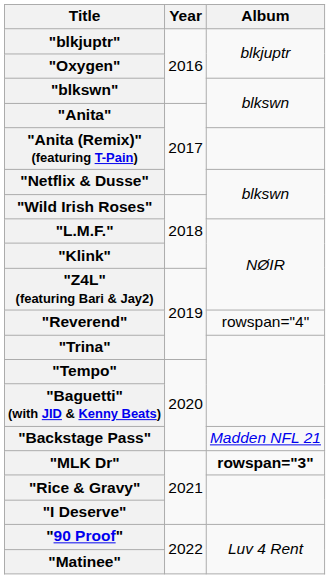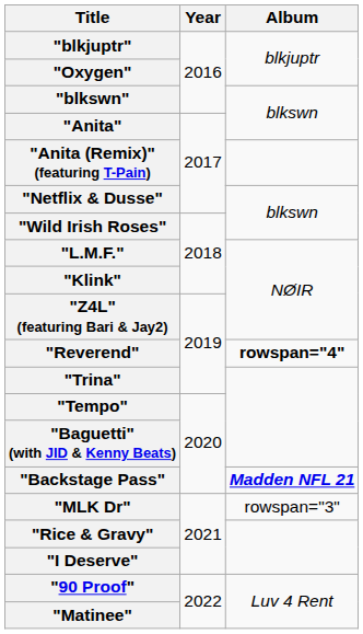 <table class="wikitable plainrowheaders" style="text-align:center;">
 <tr>
 <th scope="col">Title</th>
 <th scope="col">Year</th>
 <th scope="col">Album</th>
 </tr>
 <tr>
 <th scope="row">"blkjuptr"</th>
 <td rowspan="3">2016</td>
 <td rowspan="2"><em>blkjuptr</em></td>
 </tr>
 <tr>
 <th scope="row">"Oxygen"</th>
 </tr>
 <tr>
 <th scope="row">"blkswn"</th>
 <td rowspan="2"><em>blkswn</em></td>
 </tr>
 <tr>
 <th scope="row">"Anita"</th>
 <td rowspan="3">2017</td>
 </tr>
 <tr>
 <th scope="row">"Anita (Remix)"<br><small>(featuring <a href='#'>T-Pain</a>)</small></th>
 <td></td>
 </tr>
 <tr>
 <th scope="row">"Netflix & Dusse"</th>
 <td rowspan="2"><em>blkswn</em></td>
 </tr>
 <tr>
 <th scope="row">"Wild Irish Roses"</th>
 <td rowspan="3">2018</td>
 </tr>
 <tr>
 <th scope="row">"L.M.F."</th>
 <td rowspan="3"><em>NØIR</em></td>
 </tr>
 <tr>
 <th scope="row">"Klink"</th>
 </tr>
 <tr>
 <th scope="row">"Z4L"<br><small>(featuring Bari & Jay2)</small></th>
 <td rowspan="3">2019</td>
 </tr>
 <tr>
 <th scope="row">"Reverend"</th>
-<td>rowspan="4" </td>
+<td><strong>rowspan="4" </strong></td>
 </tr>
 <tr>
 <th scope="row">"Trina"</th>
 </tr>
 <tr>
 <th scope="row">"Tempo"</th>
 <td rowspan="3">2020</td>
 </tr>
 <tr>
 <th scope="row">"Baguetti"<br><small>(with <a href='#'>JID</a> & <a href='#'>Kenny Beats</a>)</small></th>
 </tr>
 <tr>
 <th scope="row">"Backstage Pass"<br></th>
-<td><em><a href='#'>Madden NFL 21</a></em></td>
+<td><strong><em><a href='#'>Madden NFL 21</a></em></strong></td>
 </tr>
 <tr>
 <th scope="row">"MLK Dr"</th>
 <td rowspan="3">2021</td>
-<td><strong>rowspan="3" </strong></td>
+<td>rowspan="3" </td>
 </tr>
 <tr>
 <th scope="row">"Rice & Gravy"<br></th>
 </tr>
 <tr>
 <th scope="row">"I Deserve"<br></th>
 </tr>
 <tr>
 <th scope="row">"<a href='#'>90 Proof</a>"<br></th>
 <td rowspan="2">2022</td>
 <td rowspan="2"><em>Luv 4 Rent</em></td>
 </tr>
 <tr>
 <th scope="row">"Matinee"</th>
 </tr>
 </table>
